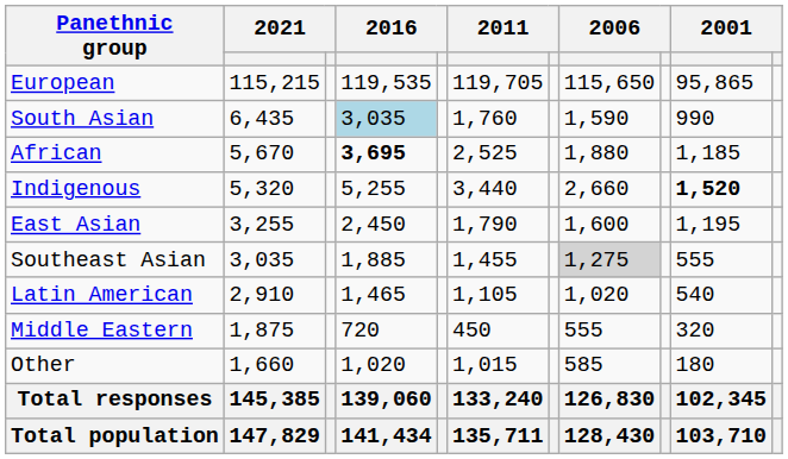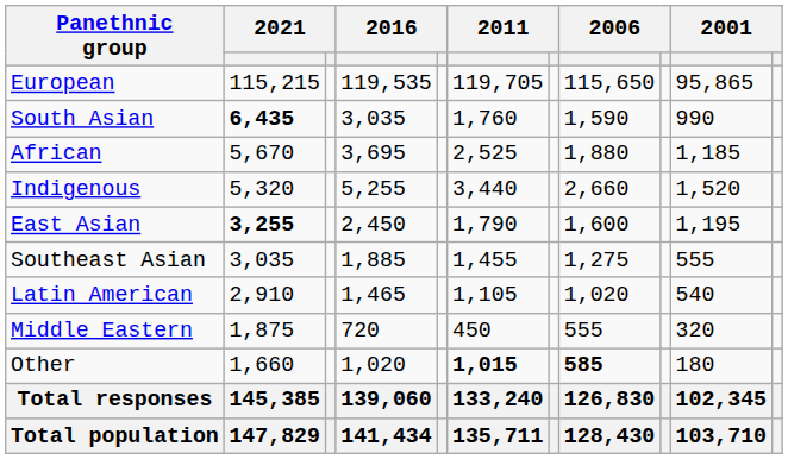 <table class="wikitable collapsible sortable">
 <tr>
 <th rowspan="2"><a href='#'>Panethnic</a><br>group</th>
 <th colspan="2">2021</th>
 <th colspan="2">2016</th>
 <th colspan="2">2011</th>
 <th colspan="2">2006</th>
 <th colspan="2">2001</th>
 </tr>
 <tr>
 <th><a href='#'></a></th>
 <th></th>
 <th></th>
 <th></th>
 <th></th>
 <th></th>
 <th></th>
 <th></th>
 <th></th>
 <th></th>
 </tr>
 <tr>
 <td><a href='#'>European</a></td>
 <td>115,215</td>
 <td></td>
 <td>119,535</td>
 <td></td>
 <td>119,705</td>
 <td></td>
 <td>115,650</td>
 <td></td>
 <td>95,865</td>
 <td></td>
 </tr>
 <tr>
 <td><a href='#'>South Asian</a></td>
-<td>6,435</td>
+<td><strong>6,435</strong></td>
 <td></td>
-<td style="background: lightblue;">3,035</td>
+<td>3,035</td>
 <td></td>
 <td>1,760</td>
 <td></td>
 <td>1,590</td>
 <td></td>
 <td>990</td>
 <td></td>
 </tr>
 <tr>
 <td><a href='#'>African</a></td>
 <td>5,670</td>
 <td></td>
-<td><strong>3,695</strong></td>
+<td>3,695</td>
 <td></td>
 <td>2,525</td>
 <td></td>
 <td>1,880</td>
 <td></td>
 <td>1,185</td>
 <td></td>
 </tr>
 <tr>
 <td><a href='#'>Indigenous</a></td>
 <td>5,320</td>
 <td></td>
 <td>5,255</td>
 <td></td>
 <td>3,440</td>
 <td></td>
 <td>2,660</td>
 <td></td>
-<td><strong>1,520</strong></td>
+<td>1,520</td>
 <td></td>
 </tr>
 <tr>
 <td><a href='#'>East Asian</a></td>
-<td>3,255</td>
+<td><strong>3,255</strong></td>
 <td></td>
 <td>2,450</td>
 <td></td>
 <td>1,790</td>
 <td></td>
 <td>1,600</td>
 <td></td>
 <td>1,195</td>
 <td></td>
 </tr>
 <tr>
 <td>Southeast Asian</td>
 <td>3,035</td>
 <td></td>
 <td>1,885</td>
 <td></td>
 <td>1,455</td>
 <td></td>
-<td style="background: lightgrey;">1,275</td>
+<td>1,275</td>
 <td></td>
 <td>555</td>
 <td></td>
 </tr>
 <tr>
 <td><a href='#'>Latin American</a></td>
 <td>2,910</td>
 <td></td>
 <td>1,465</td>
 <td></td>
 <td>1,105</td>
 <td></td>
 <td>1,020</td>
 <td></td>
 <td>540</td>
 <td></td>
 </tr>
 <tr>
 <td><a href='#'>Middle Eastern</a></td>
 <td>1,875</td>
 <td></td>
 <td>720</td>
 <td></td>
 <td>450</td>
 <td></td>
 <td>555</td>
 <td></td>
 <td>320</td>
 <td></td>
 </tr>
 <tr>
 <td>Other</td>
 <td>1,660</td>
 <td></td>
 <td>1,020</td>
 <td></td>
-<td>1,015</td>
+<td><strong>1,015</strong></td>
 <td></td>
-<td>585</td>
+<td><strong>585</strong></td>
 <td></td>
 <td>180</td>
 <td></td>
 </tr>
 <tr>
 <th>Total responses</th>
 <th>145,385</th>
 <th></th>
 <th>139,060</th>
 <th></th>
 <th>133,240</th>
 <th></th>
 <th>126,830</th>
 <th></th>
 <th>102,345</th>
 <th></th>
 </tr>
 <tr>
 <th>Total population</th>
 <th>147,829</th>
 <th></th>
 <th>141,434</th>
 <th></th>
 <th>135,711</th>
 <th></th>
 <th>128,430</th>
 <th></th>
 <th>103,710</th>
 <th></th>
 </tr>
 </table>
